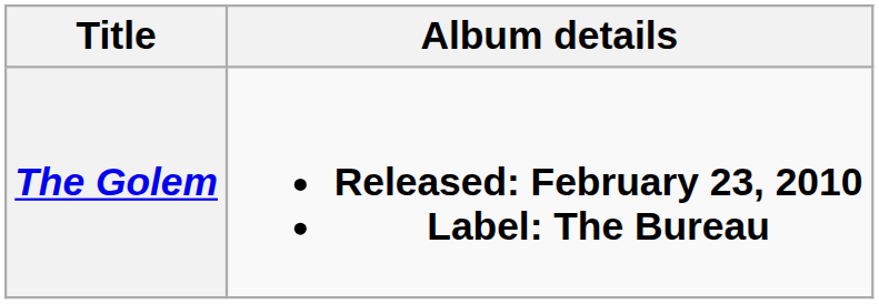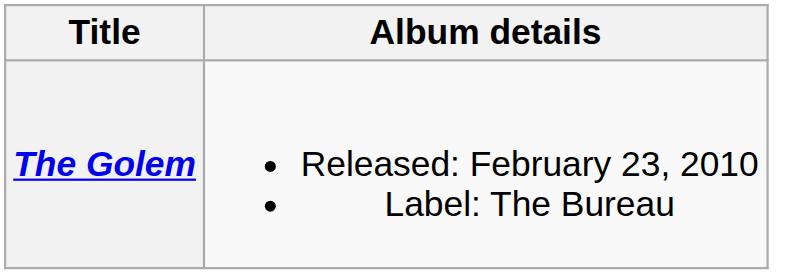 <table class="wikitable plainrowheaders" style="text-align:center;">
 <tr>
 <th scope="col">Title</th>
 <th scope="col">Album details</th>
 </tr>
 <tr>
 <th scope="row"><em><a href='#'>The Golem</a></em></th>
-<td><strong><br><ul><li>Released: February 23, 2010</li><li>Label: The Bureau</li></ul></strong></td>
+<td><br><ul><li>Released: February 23, 2010</li><li>Label: The Bureau</li></ul></td>
 </tr>
 </table>
